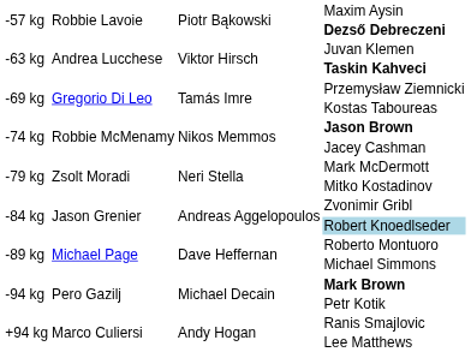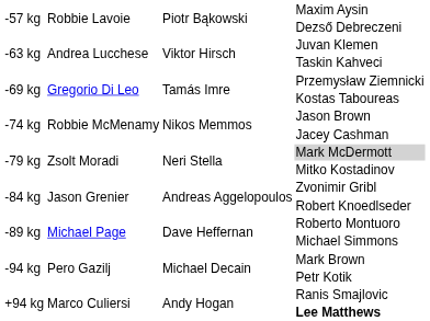 <table>
 <tr>
 <td rowspan=2>-57 kg<br></td>
 <td rowspan=2>Robbie Lavoie </td>
 <td rowspan=2>Piotr Bąkowski </td>
 <td>Maxim Aysin </td>
 </tr>
 <tr>
-<td><strong>Dezső Debreczeni </strong></td>
+<td>Dezső Debreczeni </td>
 </tr>
 <tr>
 <td rowspan=2>-63 kg<br></td>
 <td rowspan=2>Andrea Lucchese </td>
 <td rowspan=2>Viktor Hirsch </td>
 <td>Juvan Klemen </td>
 </tr>
 <tr>
-<td><strong>Taskin Kahveci </strong></td>
+<td>Taskin Kahveci </td>
 </tr>
 <tr>
 <td rowspan=2>-69 kg<br></td>
 <td rowspan=2><a href='#'>Gregorio Di Leo</a> </td>
 <td rowspan=2>Tamás Imre </td>
 <td>Przemysław Ziemnicki </td>
 </tr>
 <tr>
 <td>Kostas Taboureas </td>
 </tr>
 <tr>
 <td rowspan=2>-74 kg<br></td>
 <td rowspan=2>Robbie McMenamy </td>
 <td rowspan=2>Nikos Memmos </td>
-<td><strong>Jason Brown </strong></td>
+<td>Jason Brown </td>
 </tr>
 <tr>
 <td>Jacey Cashman </td>
 </tr>
 <tr>
 <td rowspan=2>-79 kg<br></td>
 <td rowspan=2>Zsolt Moradi </td>
 <td rowspan=2>Neri Stella </td>
-<td>Mark McDermott </td>
+<td style="background: lightgrey;">Mark McDermott </td>
 </tr>
 <tr>
 <td>Mitko Kostadinov </td>
 </tr>
 <tr>
 <td rowspan=2>-84 kg<br></td>
 <td rowspan=2>Jason Grenier </td>
 <td rowspan=2>Andreas Aggelopoulos </td>
 <td>Zvonimir Gribl </td>
 </tr>
 <tr>
-<td style="background: lightblue;">Robert Knoedlseder </td>
+<td>Robert Knoedlseder </td>
 </tr>
 <tr>
 <td rowspan=2>-89 kg<br></td>
 <td rowspan=2><a href='#'>Michael Page</a> </td>
 <td rowspan=2>Dave Heffernan </td>
 <td>Roberto Montuoro </td>
 </tr>
 <tr>
 <td>Michael Simmons </td>
 </tr>
 <tr>
 <td rowspan=2>-94 kg<br></td>
 <td rowspan=2>Pero Gazilj </td>
 <td rowspan=2>Michael Decain </td>
-<td><strong>Mark Brown </strong></td>
+<td>Mark Brown </td>
 </tr>
 <tr>
 <td>Petr Kotik </td>
 </tr>
 <tr>
 <td rowspan=2>+94 kg<br></td>
 <td rowspan=2>Marco Culiersi </td>
 <td rowspan=2>Andy Hogan </td>
 <td>Ranis Smajlovic </td>
 </tr>
 <tr>
-<td>Lee Matthews </td>
+<td><strong>Lee Matthews </strong></td>
 </tr>
 <tr>
 </tr>
 </table>
